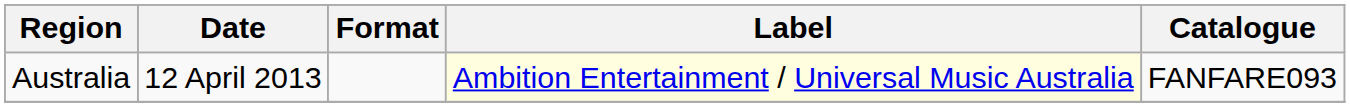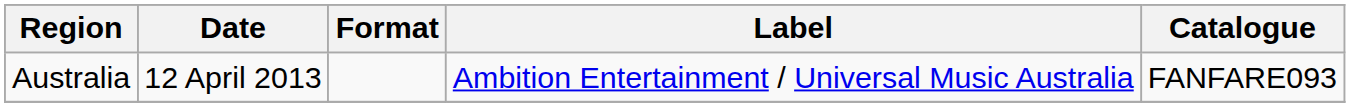 <table class="wikitable plainrowheaders">
 <tr>
 <th scope="col">Region</th>
 <th scope="col">Date</th>
 <th scope="col">Format</th>
 <th scope="col">Label</th>
 <th scope="col">Catalogue</th>
 </tr>
 <tr>
 <td>Australia</td>
 <td>12 April 2013</td>
 <td></td>
-<td style="background: lightyellow;"><a href='#'>Ambition Entertainment</a> / <a href='#'>Universal Music Australia</a></td>
+<td><a href='#'>Ambition Entertainment</a> / <a href='#'>Universal Music Australia</a></td>
 <td>FANFARE093</td>
 </tr>
 <tr>
 </tr>
 </table>
